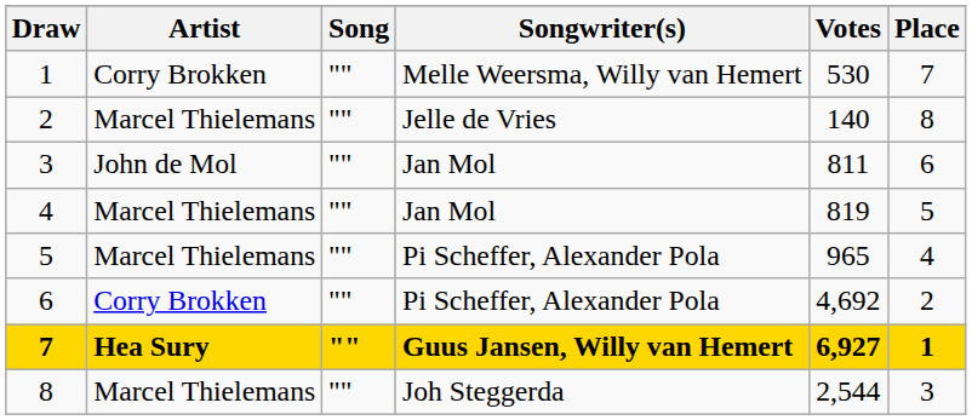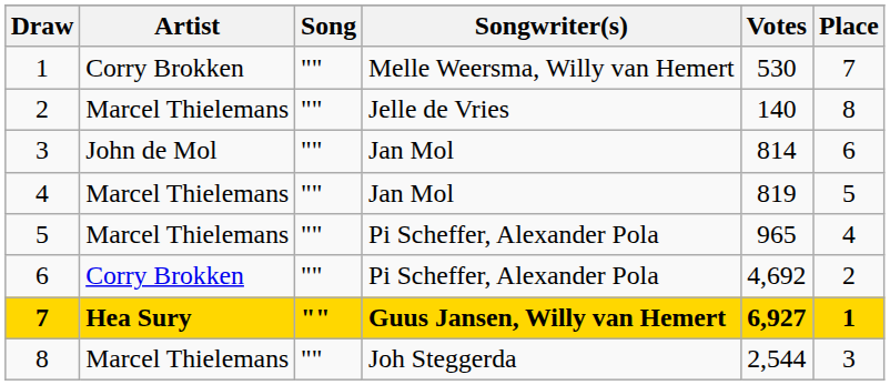 <table class="sortable wikitable" style="margin: 1em auto 1em auto; text-align:center">
 <tr>
 </tr>
 <tr>
 <th>Draw</th>
 <th>Artist</th>
 <th>Song</th>
 <th class="unsortable">Songwriter(s)</th>
 <th>Votes</th>
 <th>Place</th>
 </tr>
 <tr>
 <td>1</td>
 <td align="left">Corry Brokken</td>
 <td align="left">""</td>
 <td align="left">Melle Weersma, Willy van Hemert</td>
 <td>530</td>
 <td>7</td>
 </tr>
 <tr>
 <td>2</td>
 <td align="left">Marcel Thielemans</td>
 <td align="left">""</td>
 <td align="left">Jelle de Vries</td>
 <td>140</td>
 <td>8</td>
 </tr>
 <tr>
 <td>3</td>
 <td align="left">John de Mol</td>
 <td align="left">""</td>
 <td align="left">Jan Mol</td>
-<td>811</td>
+<td>814</td>
 <td>6</td>
 </tr>
 <tr>
 <td>4</td>
 <td align="left">Marcel Thielemans</td>
 <td align="left">""</td>
 <td align="left">Jan Mol</td>
 <td>819</td>
 <td>5</td>
 </tr>
 <tr>
 <td>5</td>
 <td align="left">Marcel Thielemans</td>
 <td align="left">""</td>
 <td align="left">Pi Scheffer, Alexander Pola</td>
 <td>965</td>
 <td>4</td>
 </tr>
 <tr>
 <td>6</td>
 <td align="left"><a href='#'>Corry Brokken</a></td>
 <td align="left">""</td>
 <td align="left">Pi Scheffer, Alexander Pola</td>
 <td>4,692</td>
 <td>2</td>
 </tr>
 <tr style="font-weight:bold; background:gold;">
 <td>7</td>
 <td align="left">Hea Sury</td>
 <td align="left">""</td>
 <td align="left">Guus Jansen, Willy van Hemert</td>
 <td>6,927</td>
 <td>1</td>
 </tr>
 <tr>
 <td>8</td>
 <td align="left">Marcel Thielemans</td>
 <td align="left">""</td>
 <td align="left">Joh Steggerda</td>
 <td>2,544</td>
 <td>3</td>
 </tr>
 </table>
